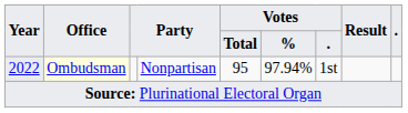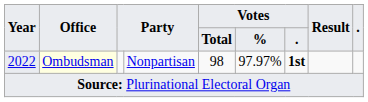 <table class="wikitable" style="font-size:90%; text-align:center;">
 <tr>
 <th style="background-color:#EAECF0;" rowspan=2>Year</th>
 <th style="background-color:#EAECF0;" rowspan=2>Office</th>
 <th style="background-color:#EAECF0;" colspan=2 rowspan=2>Party</th>
 <th style="background-color:#EAECF0;" colspan=3>Votes</th>
 <th style="background-color:#EAECF0;" rowspan=2>Result</th>
 <th style="background-color:#EAECF0;" rowspan=2>.</th>
 </tr>
 <tr>
 <th style="background-color:#EAECF0;">Total</th>
 <th style="background-color:#EAECF0;">%</th>
 <th style="background-color:#EAECF0;">.</th>
 </tr>
 <tr>
 <td style="background-color:#EAECF0;"><a href='#'>2022</a></td>
 <td style="background: lightyellow;"><a href='#'>Ombudsman</a></td>
 <td style="background-color:"></td>
 <td><a href='#'>Nonpartisan</a></td>
-<td>95</td>
-<td>97.94%</td>
-<td>1st</td>
+<td>98</td>
+<td>97.97%</td>
+<td><strong>1st</strong></td>
 <td></td>
 <td></td>
 </tr>
 <tr>
 <td style="background-color:#EAECF0;" colspan=9><strong>Source:</strong> <a href='#'>Plurinational Electoral Organ</a>  </td>
 </tr>
 </table>
